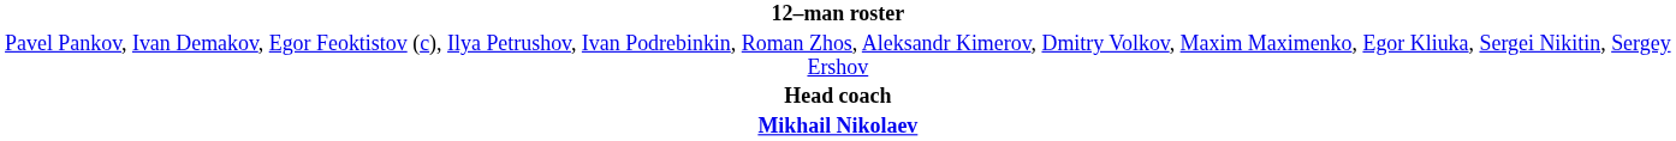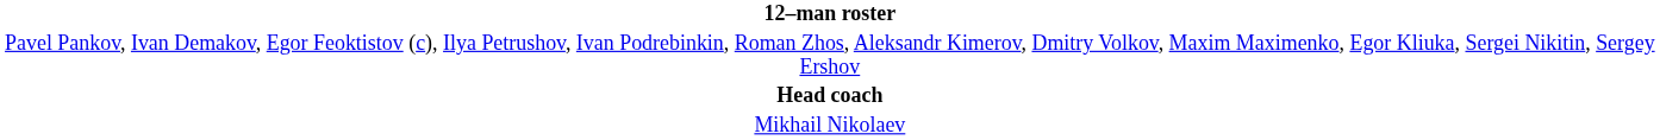 <table style="text-align: center; margin-top: 2em; margin-left: auto; margin-right: auto">
 <tr>
 <td><strong>12–man roster</strong></td>
 </tr>
 <tr>
 <td><a href='#'>Pavel Pankov</a>, <a href='#'>Ivan Demakov</a>, <a href='#'>Egor Feoktistov</a> (<a href='#'>c</a>), <a href='#'>Ilya Petrushov</a>, <a href='#'>Ivan Podrebinkin</a>, <a href='#'>Roman Zhos</a>, <a href='#'>Aleksandr Kimerov</a>, <a href='#'>Dmitry Volkov</a>, <a href='#'>Maxim Maximenko</a>, <a href='#'>Egor Kliuka</a>, <a href='#'>Sergei Nikitin</a>, <a href='#'>Sergey Ershov</a></td>
 </tr>
 <tr>
 <td><strong>Head coach</strong></td>
 </tr>
 <tr>
-<td><strong><a href='#'>Mikhail Nikolaev</a></strong></td>
+<td><a href='#'>Mikhail Nikolaev</a></td>
 </tr>
 </table>
